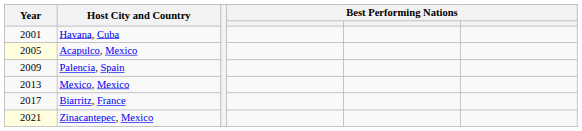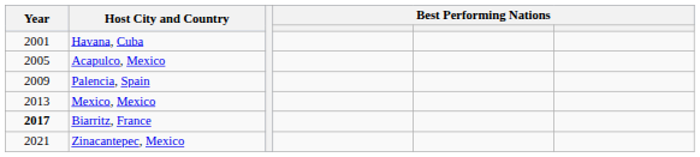 <table class="wikitable" style="width: 100%; max-width: 23cm; text-align: center">
 <tr bgcolor=#c1d8ff>
 <th rowspan=2 width=9% style="text-align: center;">Year</th>
 <th rowspan=2 width=28%>Host City and Country</th>
 <th width=1% rowspan=21 bgcolor=ffffff></th>
 <th colspan=3>Best Performing Nations</th>
 </tr>
 <tr bgcolor=#efefef>
 <th width=20%></th>
 <th width=20%></th>
 <th width=20%></th>
 </tr>
 <tr>
 <td>2001</td>
 <td style="text-align: left"> <a href='#'>Havana</a>, <a href='#'>Cuba</a></td>
 <td></td>
 <td></td>
 <td></td>
 </tr>
 <tr>
-<td style="background: lightyellow;">2005</td>
+<td>2005</td>
 <td style="text-align: left"> <a href='#'>Acapulco</a>, <a href='#'>Mexico</a></td>
 <td></td>
 <td></td>
 <td></td>
 </tr>
 <tr>
 <td>2009</td>
 <td style="text-align: left"> <a href='#'>Palencia</a>, <a href='#'>Spain</a></td>
 <td></td>
 <td></td>
 <td></td>
 </tr>
 <tr>
 <td>2013</td>
 <td style="text-align: left"> <a href='#'>Mexico</a>, <a href='#'>Mexico</a></td>
 <td></td>
 <td></td>
 <td></td>
 </tr>
 <tr>
-<td>2017</td>
+<td><strong>2017</strong></td>
 <td style="text-align: left"> <a href='#'>Biarritz</a>, <a href='#'>France</a></td>
 <td></td>
 <td></td>
 <td></td>
 </tr>
 <tr>
-<td style="background: lightyellow;">2021</td>
+<td>2021</td>
 <td style="text-align: left"> <a href='#'>Zinacantepec</a>, <a href='#'>Mexico</a></td>
 <td></td>
 <td></td>
 <td></td>
 </tr>
 </table>
